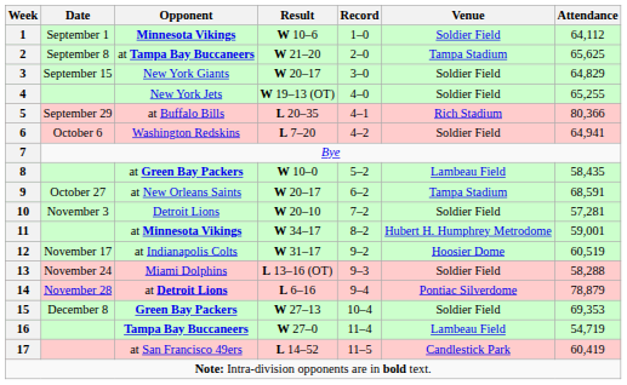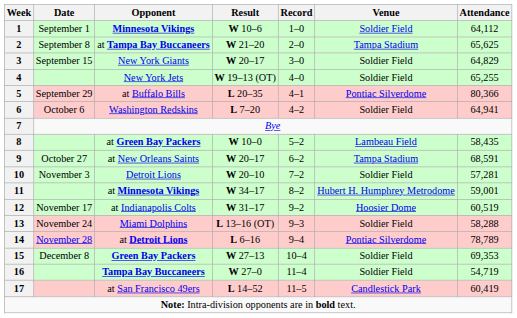 <table class="wikitable" style="text-align:center">
 <tr>
 <th>Week</th>
 <th>Date</th>
 <th>Opponent</th>
 <th>Result</th>
 <th>Record</th>
 <th>Venue</th>
 <th>Attendance</th>
 </tr>
 <tr style="background:#cfc">
 <th>1</th>
 <td>September 1</td>
 <td><strong><a href='#'>Minnesota Vikings</a></strong></td>
 <td><strong>W</strong> 10–6</td>
 <td>1–0</td>
 <td><a href='#'>Soldier Field</a></td>
 <td>64,112</td>
 </tr>
 <tr style="background:#cfc">
 <th>2</th>
 <td>September 8</td>
 <td>at <strong><a href='#'>Tampa Bay Buccaneers</a></strong></td>
 <td><strong>W</strong> 21–20</td>
 <td>2–0</td>
 <td><a href='#'>Tampa Stadium</a></td>
 <td>65,625</td>
 </tr>
 <tr style="background:#cfc">
 <th>3</th>
 <td>September 15</td>
 <td><a href='#'>New York Giants</a></td>
 <td><strong>W</strong> 20–17</td>
 <td>3–0</td>
 <td>Soldier Field</td>
 <td>64,829</td>
 </tr>
 <tr style="background:#cfc">
 <th>4</th>
 <td></td>
 <td><a href='#'>New York Jets</a></td>
 <td><strong>W</strong> 19–13 (OT)</td>
 <td>4–0</td>
 <td>Soldier Field</td>
 <td>65,255</td>
 </tr>
 <tr style="background:#fcc">
 <th>5</th>
 <td>September 29</td>
 <td>at <a href='#'>Buffalo Bills</a></td>
 <td><strong>L</strong> 20–35</td>
 <td>4–1</td>
-<td><a href='#'>Rich Stadium</a></td>
+<td><a href='#'>Pontiac Silverdome</a></td>
 <td>80,366</td>
 </tr>
 <tr style="background:#fcc">
 <th>6</th>
 <td>October 6</td>
 <td><a href='#'>Washington Redskins</a></td>
 <td><strong>L</strong> 7–20</td>
 <td>4–2</td>
 <td>Soldier Field</td>
 <td>64,941</td>
 </tr>
 <tr>
 <th>7</th>
 <td colspan="6"><em><a href='#'>Bye</a></em></td>
 </tr>
 <tr style="background:#cfc">
 <th>8</th>
 <td></td>
 <td>at <strong><a href='#'>Green Bay Packers</a></strong></td>
 <td><strong>W</strong> 10–0</td>
 <td>5–2</td>
 <td><a href='#'>Lambeau Field</a></td>
 <td>58,435</td>
 </tr>
 <tr style="background:#cfc">
 <th>9</th>
 <td>October 27</td>
 <td>at <a href='#'>New Orleans Saints</a></td>
 <td><strong>W</strong> 20–17</td>
 <td>6–2</td>
 <td><a href='#'>Tampa Stadium</a></td>
 <td>68,591</td>
 </tr>
 <tr style="background:#cfc">
 <th>10</th>
 <td>November 3</td>
 <td><a href='#'>Detroit Lions</a></td>
 <td><strong>W</strong> 20–10</td>
 <td>7–2</td>
 <td>Soldier Field</td>
 <td>57,281</td>
 </tr>
 <tr style="background:#cfc">
 <th>11</th>
 <td></td>
 <td>at <strong><a href='#'>Minnesota Vikings</a></strong></td>
 <td><strong>W</strong> 34–17</td>
 <td>8–2</td>
 <td><a href='#'>Hubert H. Humphrey Metrodome</a></td>
 <td>59,001</td>
 </tr>
 <tr style="background:#cfc">
 <th>12</th>
 <td>November 17</td>
 <td>at <a href='#'>Indianapolis Colts</a></td>
 <td><strong>W</strong> 31–17</td>
 <td>9–2</td>
 <td><a href='#'>Hoosier Dome</a></td>
 <td>60,519</td>
 </tr>
 <tr style="background:#fcc">
 <th>13</th>
 <td>November 24</td>
 <td><a href='#'>Miami Dolphins</a></td>
 <td><strong>L</strong> 13–16 (OT)</td>
 <td>9–3</td>
 <td>Soldier Field</td>
 <td>58,288</td>
 </tr>
 <tr style="background:#fcc">
 <th>14</th>
 <td><a href='#'>November 28</a></td>
 <td>at <strong><a href='#'>Detroit Lions</a></strong></td>
 <td><strong>L</strong> 6–16</td>
 <td>9–4</td>
 <td><a href='#'>Pontiac Silverdome</a></td>
-<td>78,879</td>
+<td>78,789</td>
 </tr>
 <tr style="background:#cfc">
 <th>15</th>
 <td>December 8</td>
 <td><strong><a href='#'>Green Bay Packers</a></strong></td>
 <td><strong>W</strong> 27–13</td>
 <td>10–4</td>
 <td>Soldier Field</td>
 <td>69,353</td>
 </tr>
 <tr style="background:#cfc">
 <th>16</th>
 <td></td>
 <td><strong><a href='#'>Tampa Bay Buccaneers</a></strong></td>
 <td><strong>W</strong> 27–0</td>
 <td>11–4</td>
-<td><a href='#'>Lambeau Field</a></td>
+<td>Soldier Field</td>
 <td>54,719</td>
 </tr>
 <tr style="background:#fcc">
 <th>17</th>
 <td></td>
 <td>at <a href='#'>San Francisco 49ers</a></td>
 <td><strong>L</strong> 14–52</td>
 <td>11–5</td>
 <td><a href='#'>Candlestick Park</a></td>
 <td>60,419</td>
 </tr>
 <tr>
 <td colspan="8"><strong>Note:</strong> Intra-division opponents are in <strong>bold</strong> text.</td>
 </tr>
 </table>
